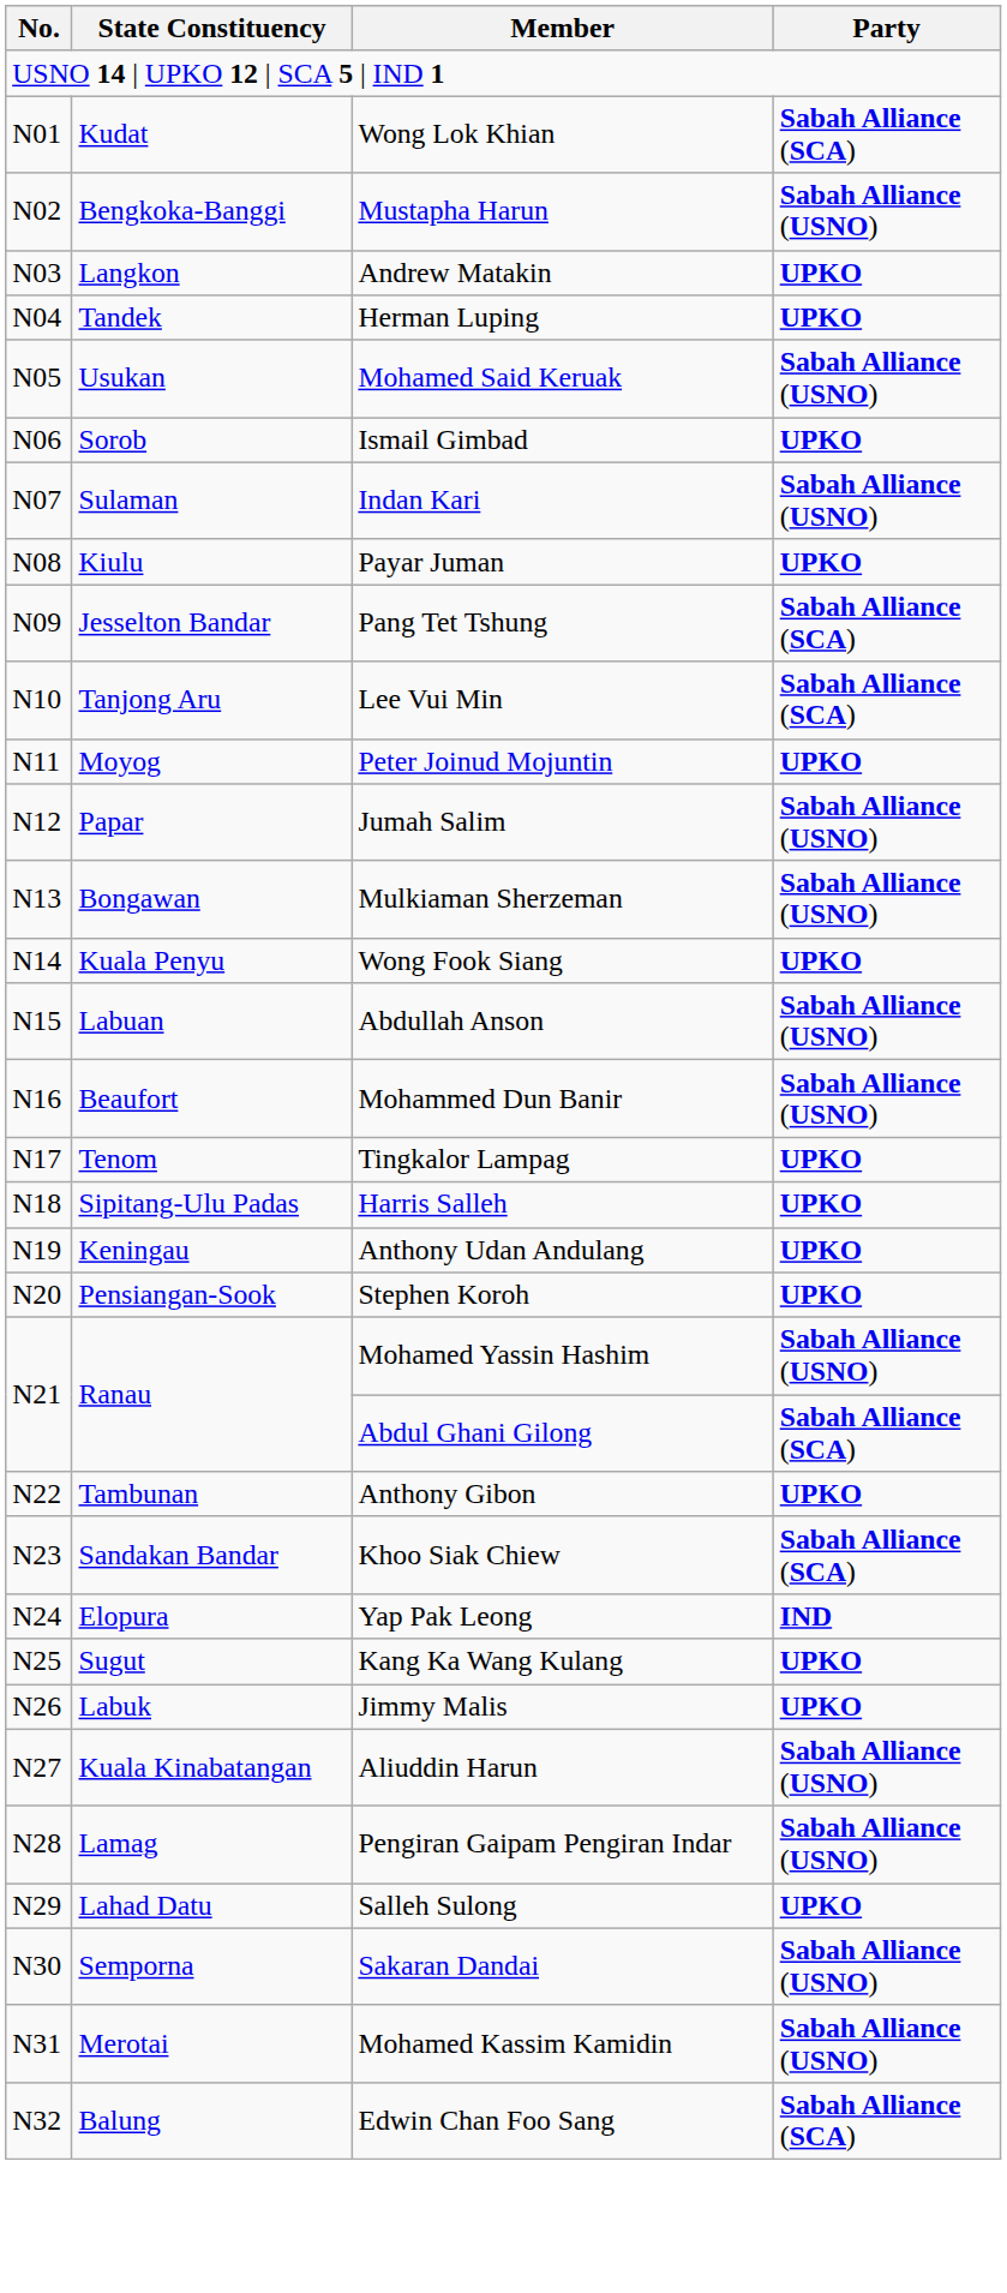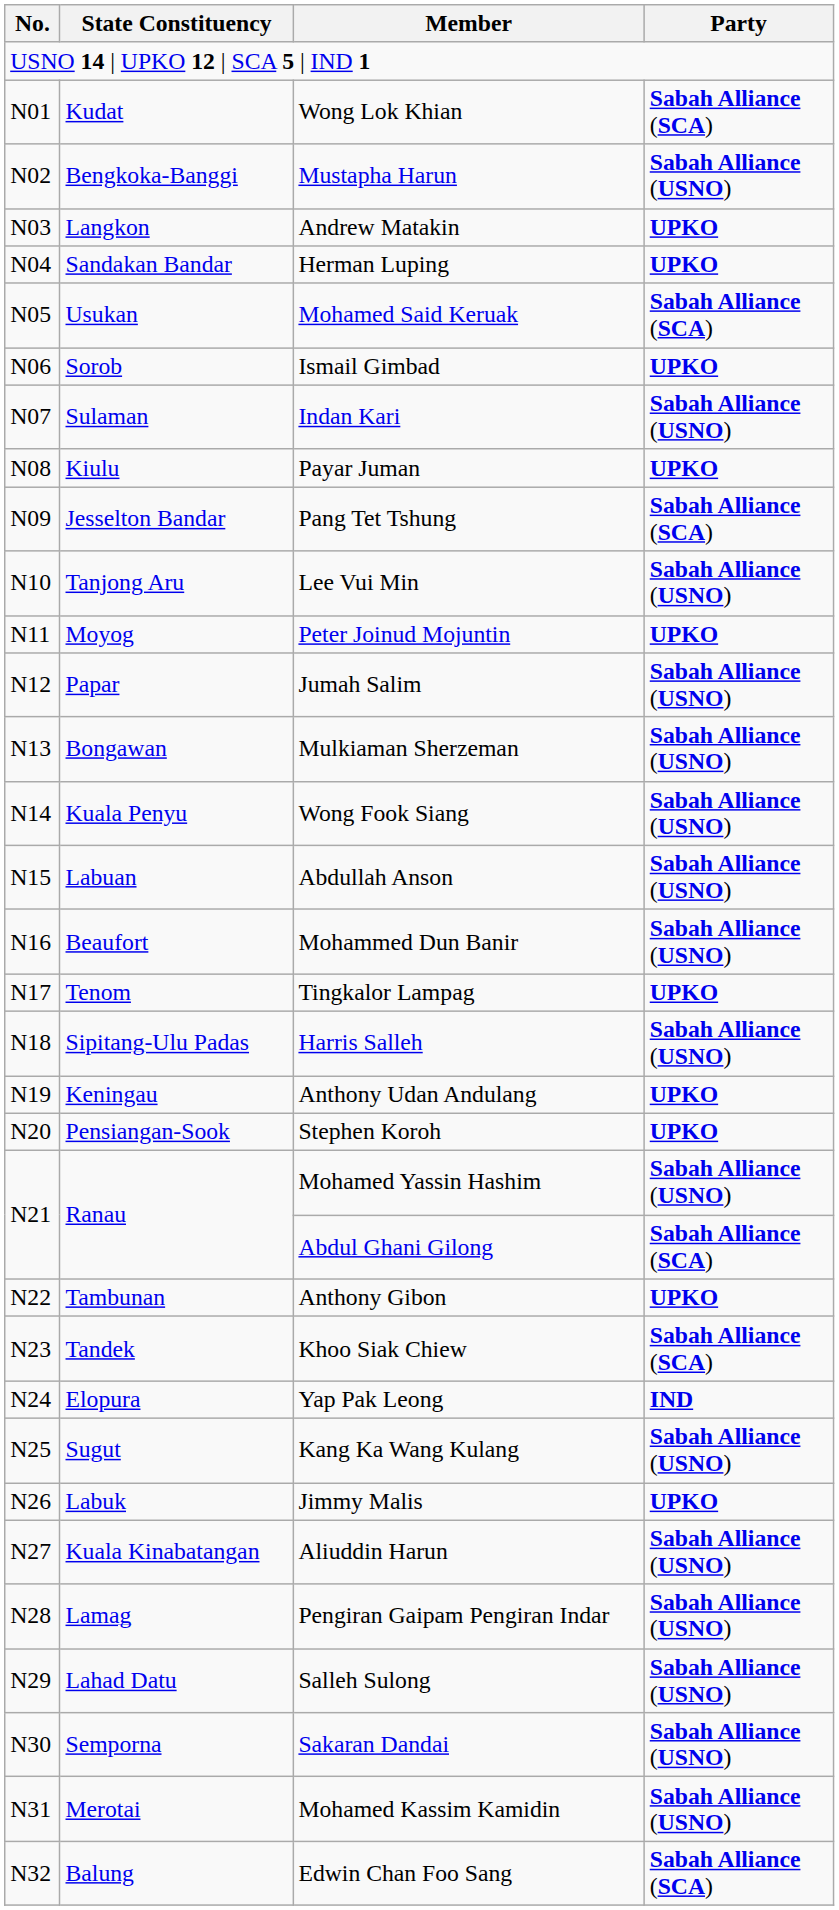 <table class="wikitable sortable">
 <tr>
 <th style="width:30px;">No.</th>
 <th style="width:150px;">State Constituency</th>
 <th style="width:230px;">Member</th>
 <th style="width:120px;">Party</th>
 </tr>
 <tr>
 <td colspan="4"><a href='#'>USNO</a> <strong>14</strong> | <a href='#'>UPKO</a> <strong>12</strong> | <a href='#'>SCA</a> <strong>5</strong> | <a href='#'>IND</a> <strong>1</strong></td>
 </tr>
 <tr>
 <td>N01</td>
 <td><a href='#'>Kudat</a></td>
 <td>Wong Lok Khian</td>
 <td><strong><a href='#'>Sabah Alliance</a></strong> (<strong><a href='#'>SCA</a></strong>)</td>
 </tr>
 <tr>
 <td>N02</td>
 <td><a href='#'>Bengkoka-Banggi</a></td>
 <td><a href='#'>Mustapha Harun</a></td>
 <td><strong><a href='#'>Sabah Alliance</a></strong> (<strong><a href='#'>USNO</a></strong>)</td>
 </tr>
 <tr>
 <td>N03</td>
 <td><a href='#'>Langkon</a></td>
 <td>Andrew Matakin</td>
 <td><strong><a href='#'>UPKO</a></strong></td>
 </tr>
 <tr>
 <td>N04</td>
-<td><a href='#'>Tandek</a></td>
+<td><a href='#'>Sandakan Bandar</a></td>
 <td>Herman Luping</td>
 <td><strong><a href='#'>UPKO</a></strong></td>
 </tr>
 <tr>
 <td>N05</td>
 <td><a href='#'>Usukan</a></td>
 <td><a href='#'>Mohamed Said Keruak</a></td>
-<td><strong><a href='#'>Sabah Alliance</a></strong> (<strong><a href='#'>USNO</a></strong>)</td>
+<td><strong><a href='#'>Sabah Alliance</a></strong> (<strong><a href='#'>SCA</a></strong>)</td>
 </tr>
 <tr>
 <td>N06</td>
 <td><a href='#'>Sorob</a></td>
 <td>Ismail Gimbad</td>
 <td><strong><a href='#'>UPKO</a></strong></td>
 </tr>
 <tr>
 <td>N07</td>
 <td><a href='#'>Sulaman</a></td>
 <td><a href='#'>Indan Kari</a></td>
 <td><strong><a href='#'>Sabah Alliance</a></strong> (<strong><a href='#'>USNO</a></strong>)</td>
 </tr>
 <tr>
 <td>N08</td>
 <td><a href='#'>Kiulu</a></td>
 <td>Payar Juman</td>
 <td><strong><a href='#'>UPKO</a></strong></td>
 </tr>
 <tr>
 <td>N09</td>
 <td><a href='#'>Jesselton Bandar</a></td>
 <td>Pang Tet Tshung</td>
 <td><strong><a href='#'>Sabah Alliance</a></strong> (<strong><a href='#'>SCA</a></strong>)</td>
 </tr>
 <tr>
 <td>N10</td>
 <td><a href='#'>Tanjong Aru</a></td>
 <td>Lee Vui Min</td>
-<td><strong><a href='#'>Sabah Alliance</a></strong> (<strong><a href='#'>SCA</a></strong>)</td>
+<td><strong><a href='#'>Sabah Alliance</a></strong> (<strong><a href='#'>USNO</a></strong>)</td>
 </tr>
 <tr>
 <td>N11</td>
 <td><a href='#'>Moyog</a></td>
 <td><a href='#'>Peter Joinud Mojuntin</a></td>
 <td><strong><a href='#'>UPKO</a></strong></td>
 </tr>
 <tr>
 <td>N12</td>
 <td><a href='#'>Papar</a></td>
 <td>Jumah Salim</td>
 <td><strong><a href='#'>Sabah Alliance</a></strong> (<strong><a href='#'>USNO</a></strong>)</td>
 </tr>
 <tr>
 <td>N13</td>
 <td><a href='#'>Bongawan</a></td>
 <td>Mulkiaman Sherzeman</td>
 <td><strong><a href='#'>Sabah Alliance</a></strong> (<strong><a href='#'>USNO</a></strong>)</td>
 </tr>
 <tr>
 <td>N14</td>
 <td><a href='#'>Kuala Penyu</a></td>
 <td>Wong Fook Siang</td>
-<td><strong><a href='#'>UPKO</a></strong></td>
+<td><strong><a href='#'>Sabah Alliance</a></strong> (<strong><a href='#'>USNO</a></strong>)</td>
 </tr>
 <tr>
 <td>N15</td>
 <td><a href='#'>Labuan</a></td>
 <td>Abdullah Anson</td>
 <td><strong><a href='#'>Sabah Alliance</a></strong> (<strong><a href='#'>USNO</a></strong>)</td>
 </tr>
 <tr>
 <td>N16</td>
 <td><a href='#'>Beaufort</a></td>
 <td>Mohammed Dun Banir</td>
 <td><strong><a href='#'>Sabah Alliance</a></strong> (<strong><a href='#'>USNO</a></strong>)</td>
 </tr>
 <tr>
 <td>N17</td>
 <td><a href='#'>Tenom</a></td>
 <td>Tingkalor Lampag</td>
 <td><strong><a href='#'>UPKO</a></strong></td>
 </tr>
 <tr>
 <td>N18</td>
 <td><a href='#'>Sipitang-Ulu Padas</a></td>
 <td><a href='#'>Harris Salleh</a></td>
-<td><strong><a href='#'>UPKO</a></strong></td>
+<td><strong><a href='#'>Sabah Alliance</a></strong> (<strong><a href='#'>USNO</a></strong>)</td>
 </tr>
 <tr>
 <td>N19</td>
 <td><a href='#'>Keningau</a></td>
 <td>Anthony Udan Andulang</td>
 <td><strong><a href='#'>UPKO</a></strong></td>
 </tr>
 <tr>
 <td>N20</td>
 <td><a href='#'>Pensiangan-Sook</a></td>
 <td>Stephen Koroh</td>
 <td><strong><a href='#'>UPKO</a></strong></td>
 </tr>
 <tr>
 <td rowspan=2>N21</td>
 <td rowspan=2><a href='#'>Ranau</a></td>
 <td>Mohamed Yassin Hashim </td>
 <td><strong><a href='#'>Sabah Alliance</a></strong> (<strong><a href='#'>USNO</a></strong>)</td>
 </tr>
 <tr>
 <td><a href='#'>Abdul Ghani Gilong</a> </td>
 <td><strong><a href='#'>Sabah Alliance</a></strong> (<strong><a href='#'>SCA</a></strong>)</td>
 </tr>
 <tr>
 <td>N22</td>
 <td><a href='#'>Tambunan</a></td>
 <td>Anthony Gibon</td>
 <td><strong><a href='#'>UPKO</a></strong></td>
 </tr>
 <tr>
 <td>N23</td>
-<td><a href='#'>Sandakan Bandar</a></td>
+<td><a href='#'>Tandek</a></td>
 <td>Khoo Siak Chiew</td>
 <td><strong><a href='#'>Sabah Alliance</a></strong> (<strong><a href='#'>SCA</a></strong>)</td>
 </tr>
 <tr>
 <td>N24</td>
 <td><a href='#'>Elopura</a></td>
 <td>Yap Pak Leong</td>
 <td><strong><a href='#'>IND</a></strong></td>
 </tr>
 <tr>
 <td>N25</td>
 <td><a href='#'>Sugut</a></td>
 <td>Kang Ka Wang Kulang</td>
-<td><strong><a href='#'>UPKO</a></strong></td>
+<td><strong><a href='#'>Sabah Alliance</a></strong> (<strong><a href='#'>USNO</a></strong>)</td>
 </tr>
 <tr>
 <td>N26</td>
 <td><a href='#'>Labuk</a></td>
 <td>Jimmy Malis</td>
 <td><strong><a href='#'>UPKO</a></strong></td>
 </tr>
 <tr>
 <td>N27</td>
 <td><a href='#'>Kuala Kinabatangan</a></td>
 <td>Aliuddin Harun</td>
 <td><strong><a href='#'>Sabah Alliance</a></strong> (<strong><a href='#'>USNO</a></strong>)</td>
 </tr>
 <tr>
 <td>N28</td>
 <td><a href='#'>Lamag</a></td>
 <td>Pengiran Gaipam Pengiran Indar</td>
 <td><strong><a href='#'>Sabah Alliance</a></strong> (<strong><a href='#'>USNO</a></strong>)</td>
 </tr>
 <tr>
 <td>N29</td>
 <td><a href='#'>Lahad Datu</a></td>
 <td>Salleh Sulong</td>
-<td><strong><a href='#'>UPKO</a></strong></td>
+<td><strong><a href='#'>Sabah Alliance</a></strong> (<strong><a href='#'>USNO</a></strong>)</td>
 </tr>
 <tr>
 <td>N30</td>
 <td><a href='#'>Semporna</a></td>
 <td><a href='#'>Sakaran Dandai</a></td>
 <td><strong><a href='#'>Sabah Alliance</a></strong> (<strong><a href='#'>USNO</a></strong>)</td>
 </tr>
 <tr>
 <td>N31</td>
 <td><a href='#'>Merotai</a></td>
 <td>Mohamed Kassim Kamidin</td>
 <td><strong><a href='#'>Sabah Alliance</a></strong> (<strong><a href='#'>USNO</a></strong>)</td>
 </tr>
 <tr>
 <td>N32</td>
 <td><a href='#'>Balung</a></td>
 <td>Edwin Chan Foo Sang</td>
 <td><strong><a href='#'>Sabah Alliance</a></strong> (<strong><a href='#'>SCA</a></strong>)</td>
 </tr>
 </table>
